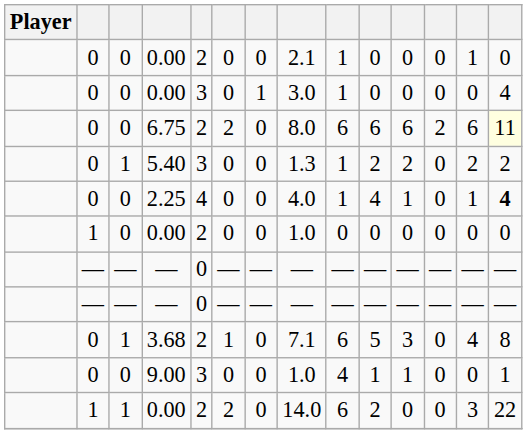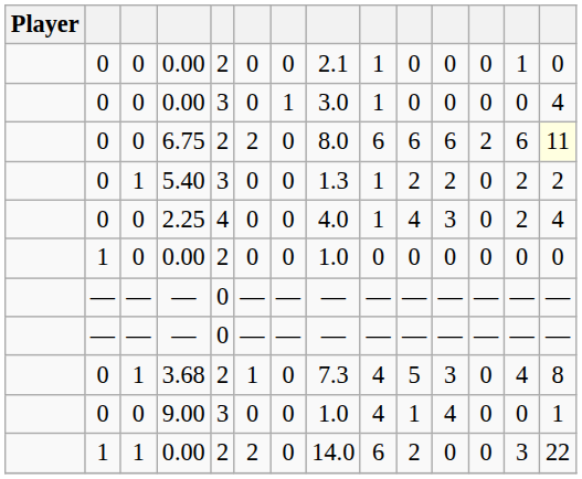 <table class="wikitable sortable" style="text-align:center;">
 <tr>
 <th>Player</th>
 <th></th>
 <th></th>
 <th></th>
 <th></th>
 <th></th>
 <th></th>
 <th></th>
 <th></th>
 <th></th>
 <th></th>
 <th></th>
 <th></th>
 <th></th>
 </tr>
 <tr>
 <td align=left></td>
 <td>0</td>
 <td>0</td>
 <td>0.00</td>
 <td>2</td>
 <td>0</td>
 <td>0</td>
 <td>2.1</td>
 <td>1</td>
 <td>0</td>
 <td>0</td>
 <td>0</td>
 <td>1</td>
 <td>0</td>
 </tr>
 <tr>
 <td align=left></td>
 <td>0</td>
 <td>0</td>
 <td>0.00</td>
 <td>3</td>
 <td>0</td>
 <td>1</td>
 <td>3.0</td>
 <td>1</td>
 <td>0</td>
 <td>0</td>
 <td>0</td>
 <td>0</td>
 <td>4</td>
 </tr>
 <tr>
 <td align=left></td>
 <td>0</td>
 <td>0</td>
 <td>6.75</td>
 <td>2</td>
 <td>2</td>
 <td>0</td>
 <td>8.0</td>
 <td>6</td>
 <td>6</td>
 <td>6</td>
 <td>2</td>
 <td>6</td>
 <td style="background: lightyellow;">11</td>
 </tr>
 <tr>
 <td align=left></td>
 <td>0</td>
 <td>1</td>
 <td>5.40</td>
 <td>3</td>
 <td>0</td>
 <td>0</td>
 <td>1.3</td>
 <td>1</td>
 <td>2</td>
 <td>2</td>
 <td>0</td>
 <td>2</td>
 <td>2</td>
 </tr>
 <tr>
 <td align=left></td>
 <td>0</td>
 <td>0</td>
 <td>2.25</td>
 <td>4</td>
 <td>0</td>
 <td>0</td>
 <td>4.0</td>
 <td>1</td>
 <td>4</td>
-<td>1</td>
+<td>3</td>
 <td>0</td>
-<td>1</td>
-<td><strong>4</strong></td>
+<td>2</td>
+<td>4</td>
 </tr>
 <tr>
 <td align=left></td>
 <td>1</td>
 <td>0</td>
 <td>0.00</td>
 <td>2</td>
 <td>0</td>
 <td>0</td>
 <td>1.0</td>
 <td>0</td>
 <td>0</td>
 <td>0</td>
 <td>0</td>
 <td>0</td>
 <td>0</td>
 </tr>
 <tr>
 <td align=left></td>
 <td>—</td>
 <td>—</td>
 <td>—</td>
 <td>0</td>
 <td>—</td>
 <td>—</td>
 <td>—</td>
 <td>—</td>
 <td>—</td>
 <td>—</td>
 <td>—</td>
 <td>—</td>
 <td>—</td>
 </tr>
 <tr>
 <td align=left></td>
 <td>—</td>
 <td>—</td>
 <td>—</td>
 <td>0</td>
 <td>—</td>
 <td>—</td>
 <td>—</td>
 <td>—</td>
 <td>—</td>
 <td>—</td>
 <td>—</td>
 <td>—</td>
 <td>—</td>
 </tr>
 <tr>
 <td align=left></td>
 <td>0</td>
 <td>1</td>
 <td>3.68</td>
 <td>2</td>
 <td>1</td>
 <td>0</td>
-<td>7.1</td>
-<td>6</td>
+<td>7.3</td>
+<td>4</td>
 <td>5</td>
 <td>3</td>
 <td>0</td>
 <td>4</td>
 <td>8</td>
 </tr>
 <tr>
 <td align=left></td>
 <td>0</td>
 <td>0</td>
 <td>9.00</td>
 <td>3</td>
 <td>0</td>
 <td>0</td>
 <td>1.0</td>
 <td>4</td>
 <td>1</td>
-<td>1</td>
+<td>4</td>
 <td>0</td>
 <td>0</td>
 <td>1</td>
 </tr>
 <tr>
 <td align=left></td>
 <td>1</td>
 <td>1</td>
 <td>0.00</td>
 <td>2</td>
 <td>2</td>
 <td>0</td>
 <td>14.0</td>
 <td>6</td>
 <td>2</td>
 <td>0</td>
 <td>0</td>
 <td>3</td>
 <td>22</td>
 </tr>
 <tr class=="sortbottom">
 </tr>
 </table>
